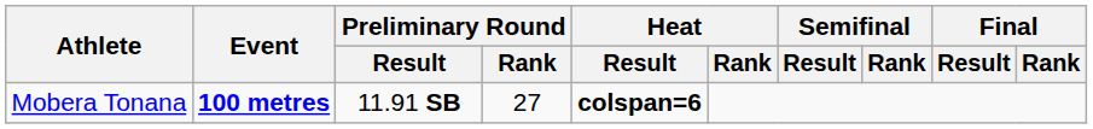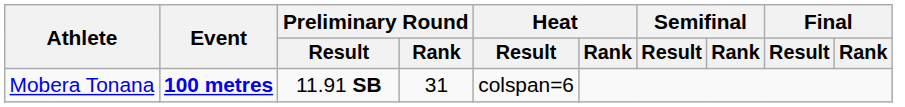 <table class=wikitable style=font-size:90%>
 <tr>
 <th rowspan=2>Athlete</th>
 <th rowspan=2>Event</th>
 <th colspan=2>Preliminary Round</th>
 <th colspan=2>Heat</th>
 <th colspan=2>Semifinal</th>
 <th colspan=2>Final</th>
 </tr>
 <tr style=font-size:95%>
 <th>Result</th>
 <th>Rank</th>
 <th>Result</th>
 <th>Rank</th>
 <th>Result</th>
 <th>Rank</th>
 <th>Result</th>
 <th>Rank</th>
 </tr>
 <tr align=center>
 <td align=left><a href='#'>Mobera Tonana</a></td>
 <td align=left><strong><a href='#'>100 metres</a></strong></td>
 <td>11.91 <strong>SB</strong></td>
-<td>27</td>
-<td><strong>colspan=6 </strong></td>
+<td>31</td>
+<td>colspan=6 </td>
 </tr>
 </table>
